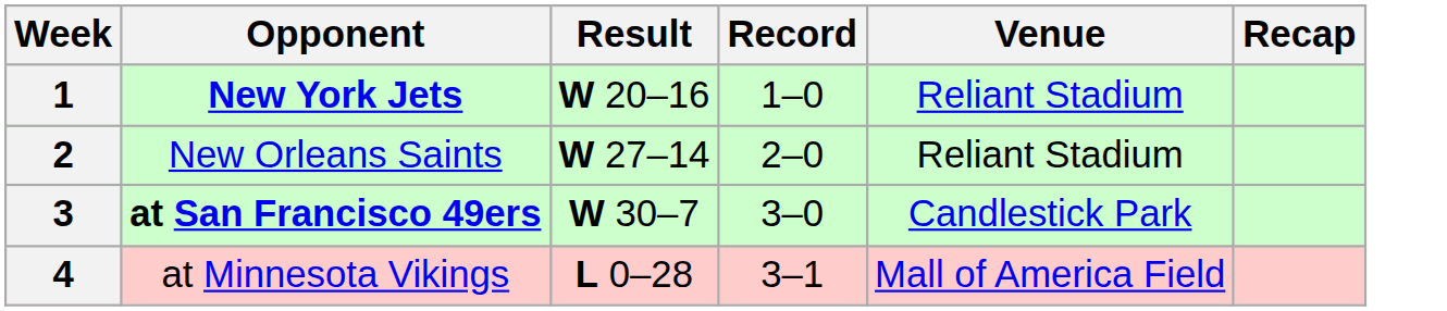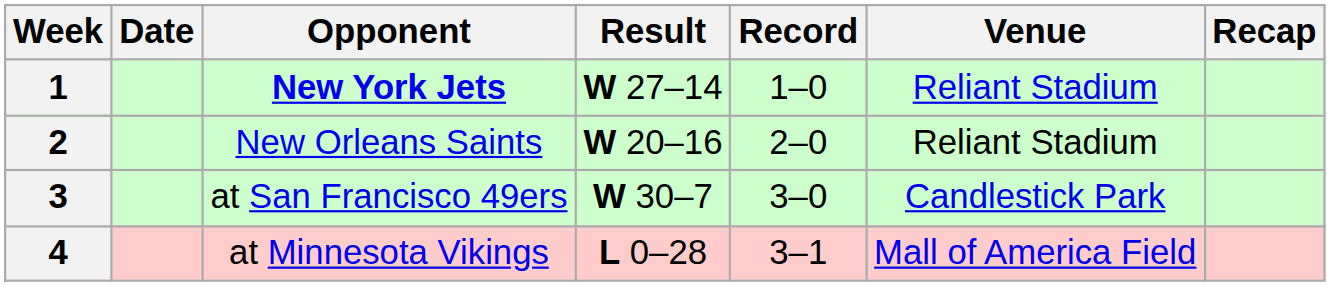 <table class="wikitable" style="text-align:center">
 <tr>
 <th>Week</th>
+<th>Date</th>
 <th>Opponent</th>
 <th>Result</th>
 <th>Record</th>
 <th>Venue</th>
 <th>Recap</th>
 </tr>
 <tr style="background:#cfc">
 <th>1</th>
+<td></td>
 <td><strong><a href='#'>New York Jets</a></strong></td>
-<td><strong>W</strong> 20–16</td>
+<td><strong>W</strong> 27–14</td>
 <td>1–0</td>
 <td><a href='#'>Reliant Stadium</a></td>
 <td></td>
 </tr>
 <tr style="background:#cfc">
 <th>2</th>
+<td></td>
 <td><a href='#'>New Orleans Saints</a></td>
-<td><strong>W</strong> 27–14</td>
+<td><strong>W</strong> 20–16</td>
 <td>2–0</td>
 <td>Reliant Stadium</td>
 <td></td>
 </tr>
 <tr style="background:#cfc">
 <th>3</th>
-<td><strong>at <a href='#'>San Francisco 49ers</a></strong></td>
+<td></td>
+<td>at <a href='#'>San Francisco 49ers</a></td>
 <td><strong>W</strong> 30–7</td>
 <td>3–0</td>
 <td><a href='#'>Candlestick Park</a></td>
 <td></td>
 </tr>
 <tr style="background:#fcc">
 <th>4</th>
+<td></td>
 <td>at <a href='#'>Minnesota Vikings</a></td>
 <td><strong>L</strong> 0–28</td>
 <td>3–1</td>
 <td><a href='#'>Mall of America Field</a></td>
 <td></td>
 </tr>
 </table>
